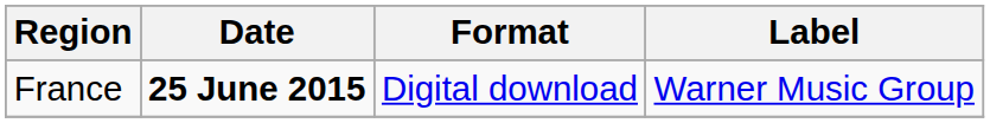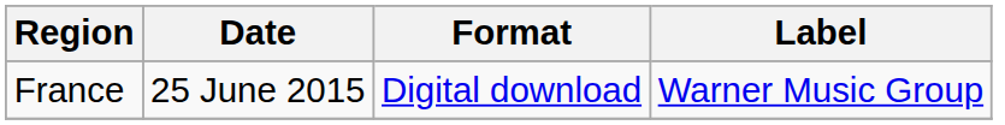 <table class=wikitable>
 <tr>
 <th>Region</th>
 <th>Date</th>
 <th>Format</th>
 <th>Label</th>
 </tr>
 <tr>
 <td>France</td>
-<td><strong>25 June 2015</strong></td>
+<td>25 June 2015</td>
 <td><a href='#'>Digital download</a></td>
 <td><a href='#'>Warner Music Group</a></td>
 </tr>
 <tr>
 </tr>
 </table>
